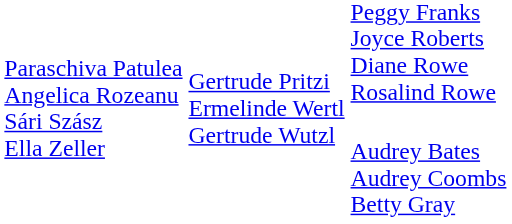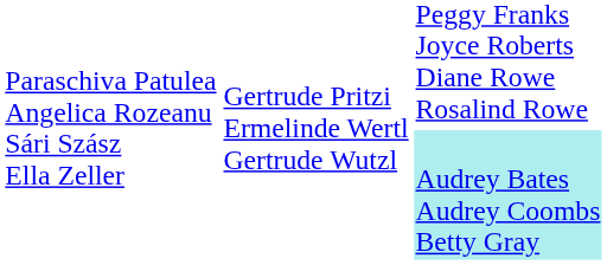 <table>
 <tr>
 <td rowspan=2></td>
 <td rowspan=2><br><a href='#'>Paraschiva Patulea</a><br><a href='#'>Angelica Rozeanu</a><br><a href='#'>Sári Szász</a><br><a href='#'>Ella Zeller</a></td>
 <td rowspan=2><br><a href='#'>Gertrude Pritzi</a><br><a href='#'>Ermelinde Wertl</a><br><a href='#'>Gertrude Wutzl</a></td>
 <td><br><a href='#'>Peggy Franks</a><br><a href='#'>Joyce Roberts</a><br><a href='#'>Diane Rowe</a><br><a href='#'>Rosalind Rowe</a></td>
 </tr>
 <tr>
-<td><br><a href='#'>Audrey Bates</a><br><a href='#'>Audrey Coombs</a><br><a href='#'>Betty Gray</a></td>
+<td style="background: paleturquoise;"><br><a href='#'>Audrey Bates</a><br><a href='#'>Audrey Coombs</a><br><a href='#'>Betty Gray</a></td>
 </tr>
 </table>
